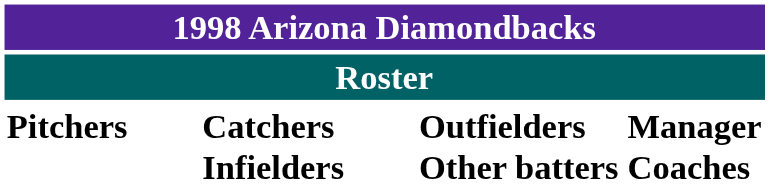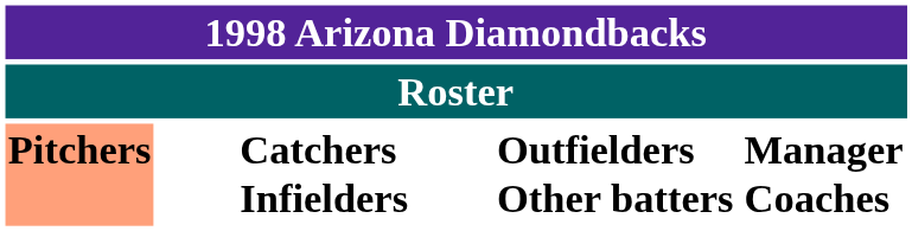 <table class="toccolours" style="font-size: 95%;">
 <tr>
 <th colspan="10" style="background:#522398; color:#fff; text-align:center;">1998 Arizona Diamondbacks</th>
 </tr>
 <tr>
 <td colspan="10" style="background:#006265; color:#fff; text-align:center;"><strong>Roster</strong></td>
 </tr>
 <tr>
-<td valign="top"><strong>Pitchers</strong><br>                        </td>
+<td valign="top" style="background: lightsalmon;"><strong>Pitchers</strong><br>                        </td>
 <td style="width:25px;"></td>
 <td valign="top"><strong>Catchers</strong><br>   <strong>Infielders</strong>         </td>
 <td style="width:25px;"></td>
 <td valign="top"><strong>Outfielders</strong><br>        <strong>Other batters</strong> </td>
 <td valign="top"><strong>Manager</strong><br> <strong>Coaches</strong>      </td>
 </tr>
 </table>
